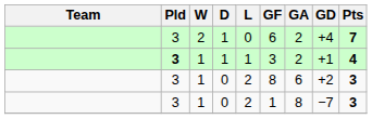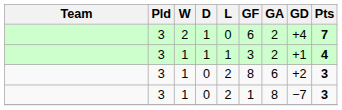 <table class="wikitable" style="text-align: center;">
 <tr>
 <th width="175">Team</th>
 <th width="20">Pld</th>
 <th width="20">W</th>
 <th width="20">D</th>
 <th width="20">L</th>
 <th width="20">GF</th>
 <th width="20">GA</th>
 <th width="20">GD</th>
 <th width="20">Pts</th>
 </tr>
 <tr bgcolor="#ccffcc">
 <td align=left></td>
 <td>3</td>
 <td>2</td>
 <td>1</td>
 <td>0</td>
 <td>6</td>
 <td>2</td>
 <td>+4</td>
 <td><strong>7</strong></td>
 </tr>
 <tr bgcolor="#ccffcc">
 <td align=left></td>
-<td><strong>3</strong></td>
+<td>3</td>
 <td>1</td>
 <td>1</td>
 <td>1</td>
 <td>3</td>
 <td>2</td>
 <td>+1</td>
 <td><strong>4</strong></td>
 </tr>
 <tr>
 <td align=left></td>
 <td>3</td>
 <td>1</td>
 <td>0</td>
 <td>2</td>
 <td>8</td>
 <td>6</td>
 <td>+2</td>
 <td><strong>3</strong></td>
 </tr>
 <tr>
 <td align=left></td>
 <td>3</td>
 <td>1</td>
 <td>0</td>
 <td>2</td>
 <td>1</td>
 <td>8</td>
 <td>−7</td>
 <td><strong>3</strong></td>
 </tr>
 <tr>
 </tr>
 </table>
